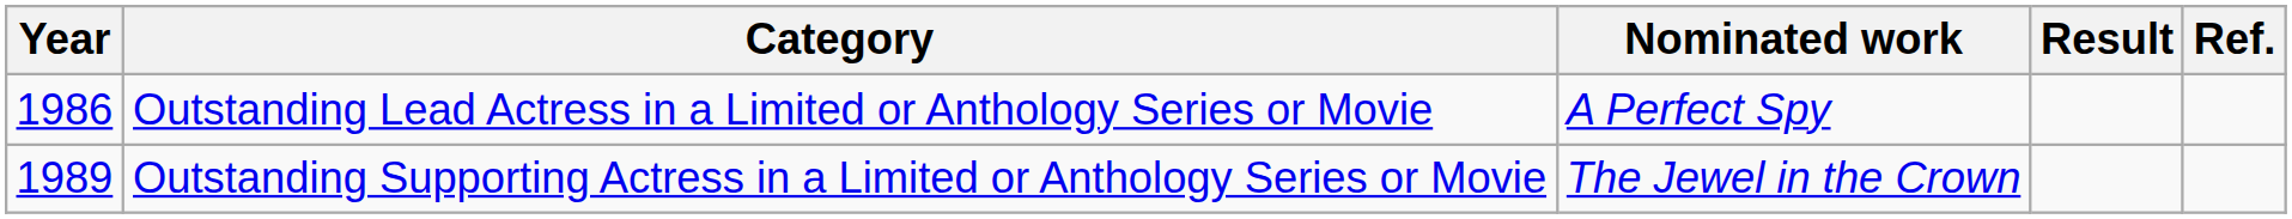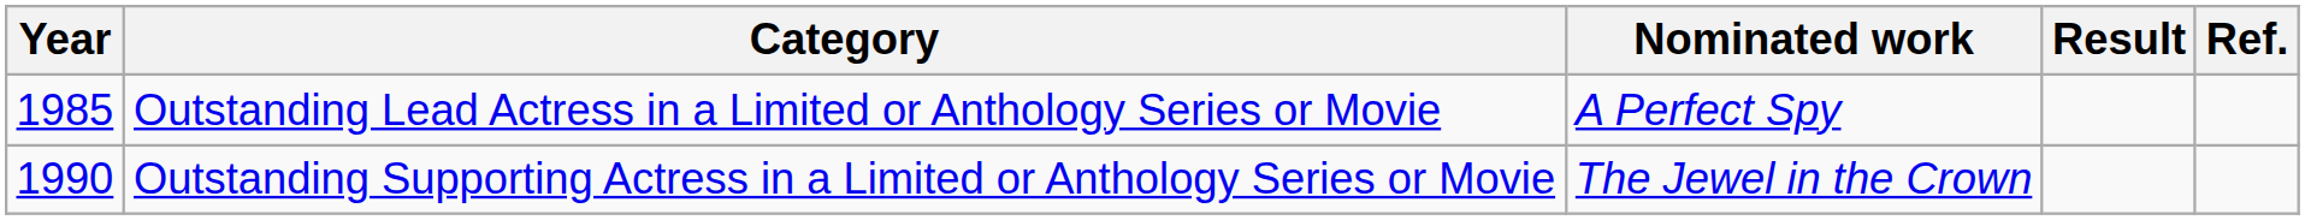 <table class="wikitable">
 <tr>
 <th>Year</th>
 <th>Category</th>
 <th>Nominated work</th>
 <th>Result</th>
 <th>Ref.</th>
 </tr>
 <tr>
-<td><a href='#'>1986</a></td>
+<td><a href='#'>1985</a></td>
 <td><a href='#'>Outstanding Lead Actress in a Limited or Anthology Series or Movie</a></td>
 <td><a href='#'><em>A Perfect Spy</em></a></td>
 <td></td>
 <td></td>
 </tr>
 <tr>
-<td><a href='#'>1989</a></td>
+<td><a href='#'>1990</a></td>
 <td><a href='#'>Outstanding Supporting Actress in a Limited or Anthology Series or Movie</a></td>
 <td><a href='#'><em>The Jewel in the Crown</em></a></td>
 <td></td>
 <td></td>
 </tr>
 </table>
